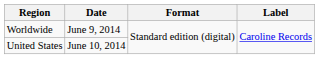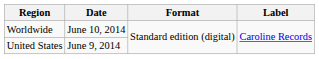 <table class=wikitable>
 <tr>
 <th>Region</th>
 <th>Date</th>
 <th>Format</th>
 <th>Label</th>
 </tr>
 <tr>
 <td>Worldwide</td>
-<td>June 9, 2014</td>
+<td>June 10, 2014</td>
 <td rowspan="2">Standard edition (digital)</td>
 <td rowspan="2"><a href='#'>Caroline Records</a></td>
 </tr>
 <tr>
 <td>United States</td>
-<td>June 10, 2014</td>
+<td>June 9, 2014</td>
 </tr>
 </table>
